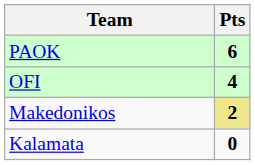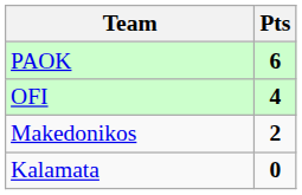 <table class="wikitable" style="text-align: center;">
 <tr>
 <th width=165>Team</th>
 <th width=20>Pts</th>
 </tr>
 <tr bgcolor="#ccffcc">
 <td align=left><a href='#'>PAOK</a></td>
 <td><strong>6</strong></td>
 </tr>
 <tr bgcolor="#ccffcc">
 <td align=left><a href='#'>OFI</a></td>
 <td><strong>4</strong></td>
 </tr>
 <tr>
 <td align=left><a href='#'>Makedonikos</a></td>
-<td style="background: khaki;"><strong>2</strong></td>
+<td><strong>2</strong></td>
 </tr>
 <tr>
 <td align=left><a href='#'>Kalamata</a></td>
 <td><strong>0</strong></td>
 </tr>
 </table>
